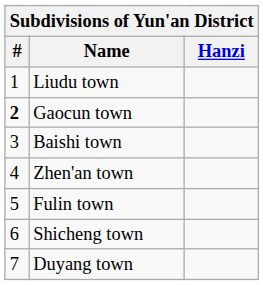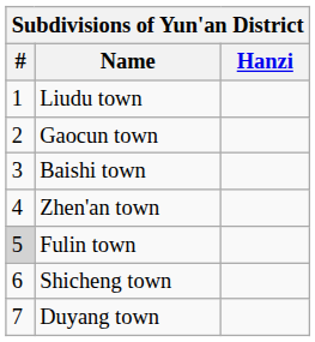 <table class="wikitable"  style="font-size:90%;" align=right>
 <tr>
 <th colspan="7" align="right">Subdivisions of Yun'an District</th>
 </tr>
 <tr>
 <th>#</th>
 <th>Name</th>
 <th><a href='#'>Hanzi</a></th>
 </tr>
 <tr --------->
 <td>1</td>
 <td>Liudu town</td>
 <td></td>
 </tr>
 <tr --------->
-<td><strong>2</strong></td>
+<td>2</td>
 <td>Gaocun town</td>
 <td></td>
 </tr>
 <tr --------->
 <td>3</td>
 <td>Baishi town</td>
 <td></td>
 </tr>
 <tr --------->
 <td>4</td>
 <td>Zhen'an town</td>
 <td></td>
 </tr>
 <tr --------->
-<td>5</td>
+<td style="background: lightgrey;">5</td>
 <td>Fulin town</td>
 <td></td>
 </tr>
 <tr --------->
 <td>6</td>
 <td>Shicheng town</td>
 <td></td>
 </tr>
 <tr --------->
 <td>7</td>
 <td>Duyang town</td>
 <td></td>
 </tr>
 </table>
